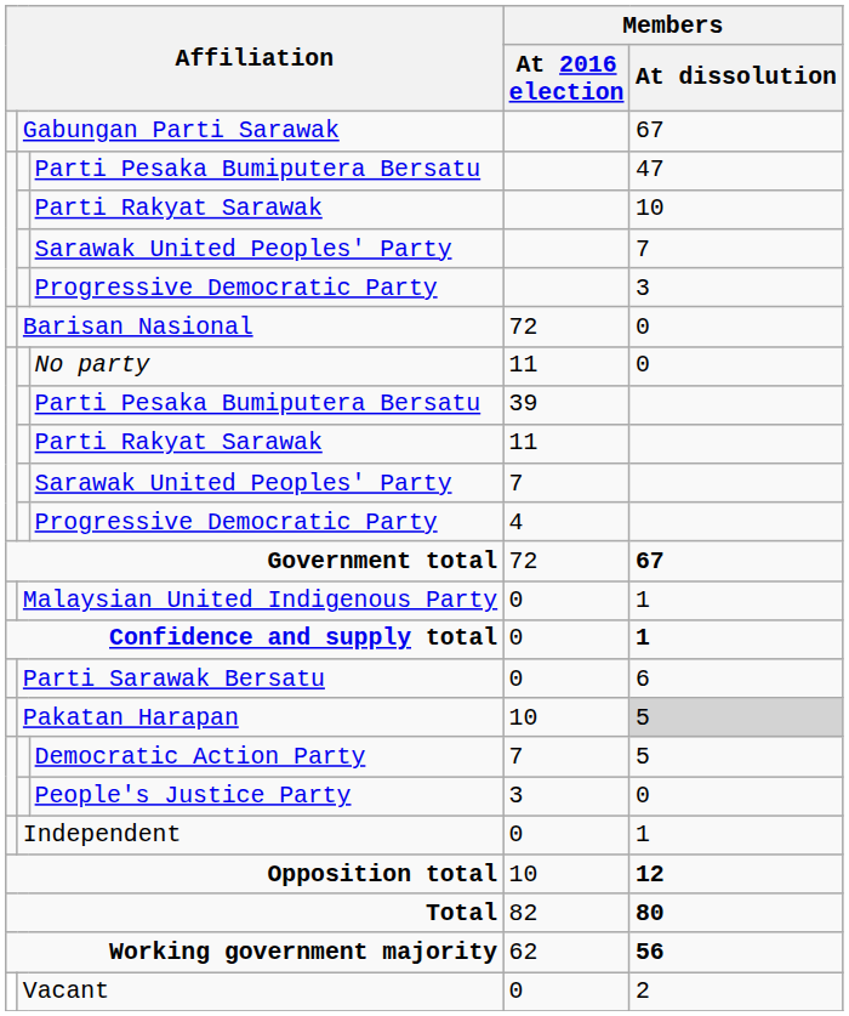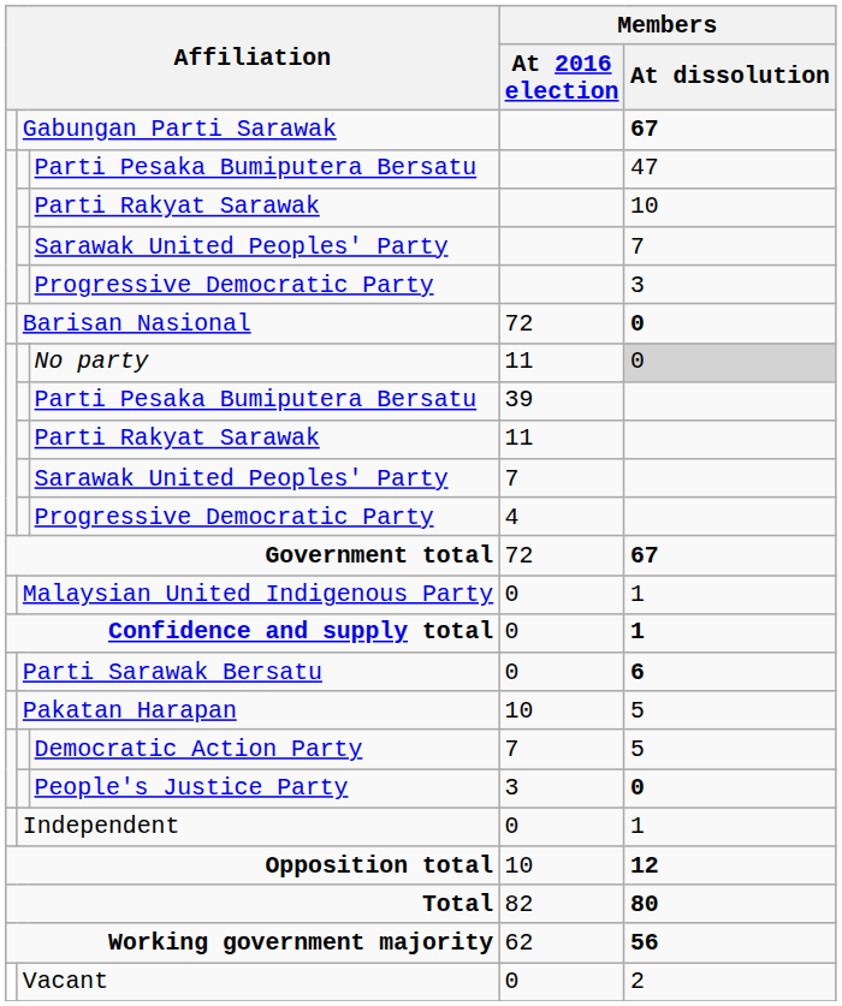 <table class="wikitable">
 <tr>
 <th colspan="3" rowspan="2" style="vertical-align:middle; ">Affiliation</th>
 <th colspan="2" style="vertical-align:top;">Members</th>
 </tr>
 <tr>
 <th>At <a href='#'>2016<br>election</a></th>
 <th>At dissolution</th>
 </tr>
 <tr>
 <td style="background:"></td>
 <td colspan="2"><a href='#'>Gabungan Parti Sarawak</a></td>
 <td></td>
-<td>67</td>
+<td><strong>67</strong></td>
 </tr>
 <tr>
 <td rowspan="4"></td>
 <td style="background:"></td>
 <td><a href='#'>Parti Pesaka Bumiputera Bersatu</a></td>
 <td></td>
 <td>47</td>
 </tr>
 <tr>
 <td style="background:"></td>
 <td><a href='#'>Parti Rakyat Sarawak</a></td>
 <td></td>
 <td>10</td>
 </tr>
 <tr>
 <td style="background:"></td>
 <td><a href='#'>Sarawak United Peoples' Party</a></td>
 <td></td>
 <td>7</td>
 </tr>
 <tr>
 <td style="background:"></td>
 <td><a href='#'>Progressive Democratic Party</a></td>
 <td></td>
 <td>3</td>
 </tr>
 <tr>
 <td style="background:"></td>
 <td colspan="2"><a href='#'>Barisan Nasional</a></td>
 <td>72</td>
-<td>0</td>
+<td><strong>0</strong></td>
 </tr>
 <tr>
 <td rowspan="5"></td>
 <td style="background:"></td>
 <td><em>No party</em></td>
 <td>11</td>
-<td>0</td>
+<td style="background: lightgrey;">0</td>
 </tr>
 <tr>
 <td style="background:"></td>
 <td><a href='#'>Parti Pesaka Bumiputera Bersatu</a></td>
 <td>39</td>
 <td></td>
 </tr>
 <tr>
 <td style="background:"></td>
 <td><a href='#'>Parti Rakyat Sarawak</a></td>
 <td>11</td>
 <td></td>
 </tr>
 <tr>
 <td style="background:"></td>
 <td><a href='#'>Sarawak United Peoples' Party</a></td>
 <td>7</td>
 <td></td>
 </tr>
 <tr>
 <td style="background:"></td>
 <td><a href='#'>Progressive Democratic Party</a></td>
 <td>4</td>
 <td></td>
 </tr>
 <tr>
 <td colspan="3" style="text-align:right; "><strong>Government total</strong></td>
 <td>72</td>
 <td><strong>67</strong></td>
 </tr>
 <tr>
 <td style="background:"></td>
 <td colspan="2"><a href='#'>Malaysian United Indigenous Party</a></td>
 <td>0</td>
 <td>1</td>
 </tr>
 <tr>
 <td colspan="3" style="text-align:right; "><strong><a href='#'>Confidence and supply</a> total</strong></td>
 <td>0</td>
 <td><strong>1</strong></td>
 </tr>
 <tr>
 <td style="background:"></td>
 <td colspan="2"><a href='#'>Parti Sarawak Bersatu</a></td>
 <td>0</td>
-<td>6</td>
+<td><strong>6</strong></td>
 </tr>
 <tr>
 <td style="background:"></td>
 <td colspan="2"><a href='#'>Pakatan Harapan</a></td>
 <td>10</td>
-<td style="background: lightgrey;">5</td>
+<td>5</td>
 </tr>
 <tr>
 <td rowspan="2"></td>
 <td style="background:"></td>
 <td><a href='#'>Democratic Action Party</a></td>
 <td>7</td>
 <td>5</td>
 </tr>
 <tr>
 <td style="background:"></td>
 <td><a href='#'>People's Justice Party</a></td>
 <td>3</td>
-<td>0</td>
+<td><strong>0</strong></td>
 </tr>
 <tr>
 <td style="background:"></td>
 <td colspan="2">Independent</td>
 <td>0</td>
 <td>1</td>
 </tr>
 <tr>
 <td colspan="3" style="text-align:right; "><strong>Opposition total</strong></td>
 <td>10</td>
 <td><strong>12</strong></td>
 </tr>
 <tr>
 <td colspan="3" style="text-align:right; "><strong>Total</strong></td>
 <td>82</td>
 <td><strong>80</strong></td>
 </tr>
 <tr>
 <td colspan="3" style="text-align:right; "><strong>Working government majority</strong></td>
 <td>62</td>
 <td><strong>56</strong></td>
 </tr>
 <tr>
 <td style="background:white;"></td>
 <td colspan="2">Vacant</td>
 <td>0</td>
 <td>2</td>
 </tr>
 <tr>
 </tr>
 </table>
